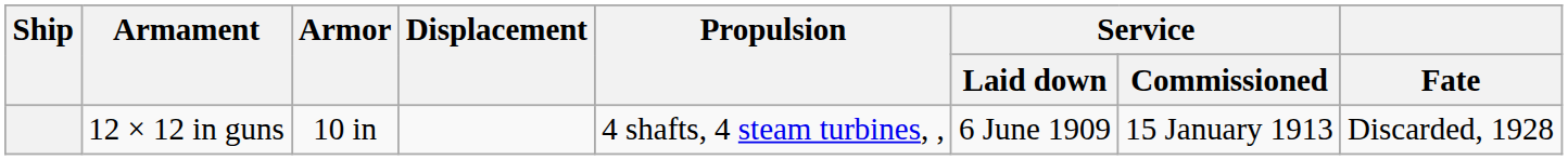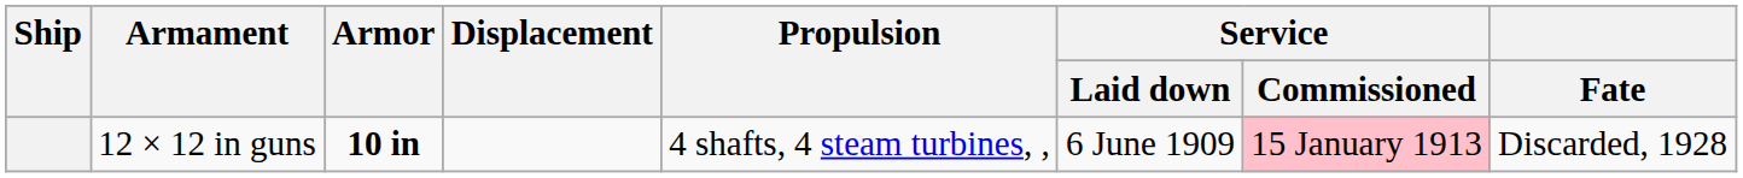 <table class="wikitable plainrowheaders" style="text-align: center;">
 <tr valign="top">
 <th scope="col" rowspan="2">Ship</th>
 <th scope="col" rowspan="2">Armament</th>
 <th scope="col" rowspan="2">Armor</th>
 <th scope="col" rowspan="2">Displacement</th>
 <th scope="col" rowspan="2">Propulsion</th>
 <th scope="col" colspan="2">Service</th>
 <th></th>
 </tr>
 <tr valign="top">
 <th scope="col">Laid down</th>
 <th scope="col">Commissioned</th>
 <th scope="col">Fate</th>
 </tr>
 <tr valign="center">
 <th scope="row"></th>
 <td>12 × 12 in guns</td>
-<td>10 in</td>
+<td><strong>10 in</strong></td>
 <td></td>
 <td>4 shafts, 4 <a href='#'>steam turbines</a>, , </td>
 <td>6 June 1909</td>
-<td>15 January 1913</td>
+<td style="background: pink;">15 January 1913</td>
 <td>Discarded, 1928</td>
 </tr>
 </table>
